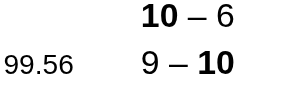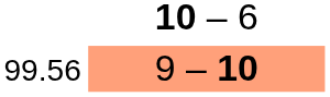 <table style="text-align:center">
 <tr>
 <th width=223></th>
 <th width=100></th>
 <th width=223></th>
 </tr>
 <tr>
 <td align=right></td>
 <td><strong>10</strong> – 6</td>
 <td align=left></td>
 </tr>
 <tr>
 <td align=right><small>99.56</small> </td>
-<td>9 – <strong>10</strong></td>
+<td style="background: lightsalmon;">9 – <strong>10</strong></td>
 <td align=left></td>
 </tr>
 </table>
